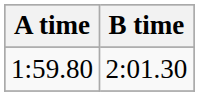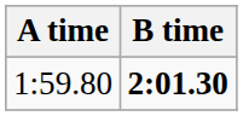 <table class="wikitable" border="1" align="upright">
 <tr>
 <th>A time</th>
 <th>B time</th>
 </tr>
 <tr>
 <td>1:59.80</td>
-<td>2:01.30</td>
+<td><strong>2:01.30</strong></td>
 </tr>
 </table>
